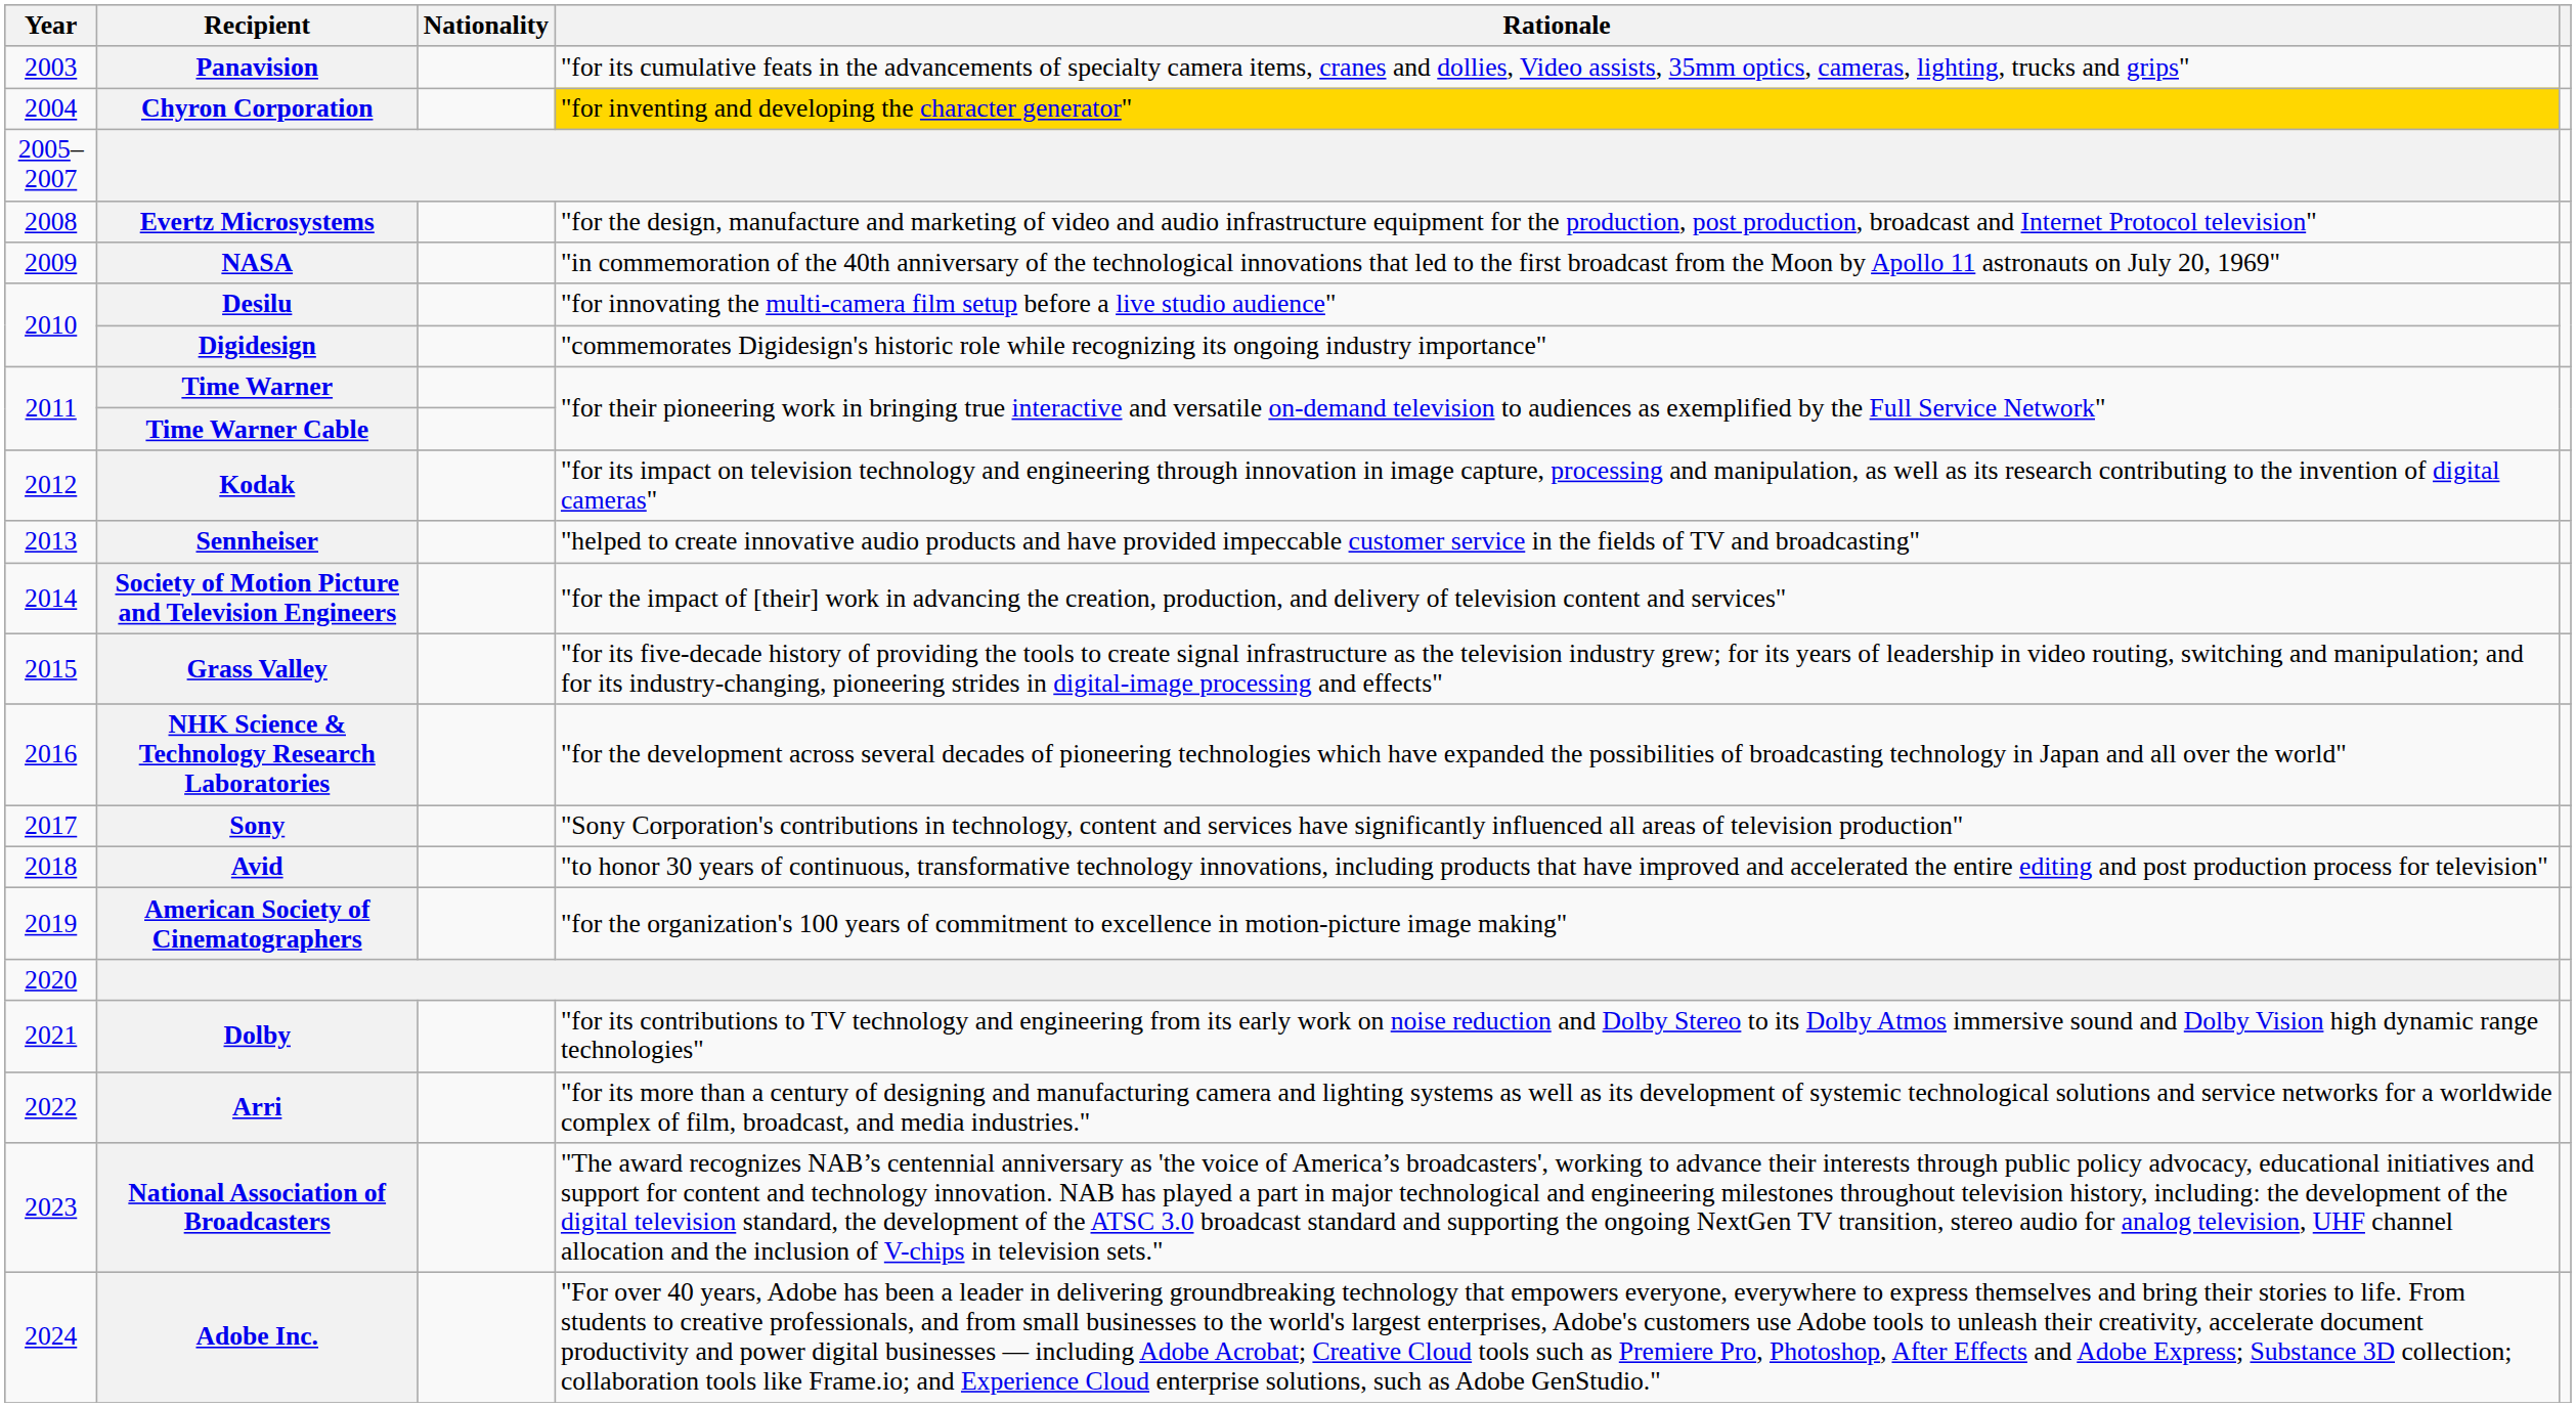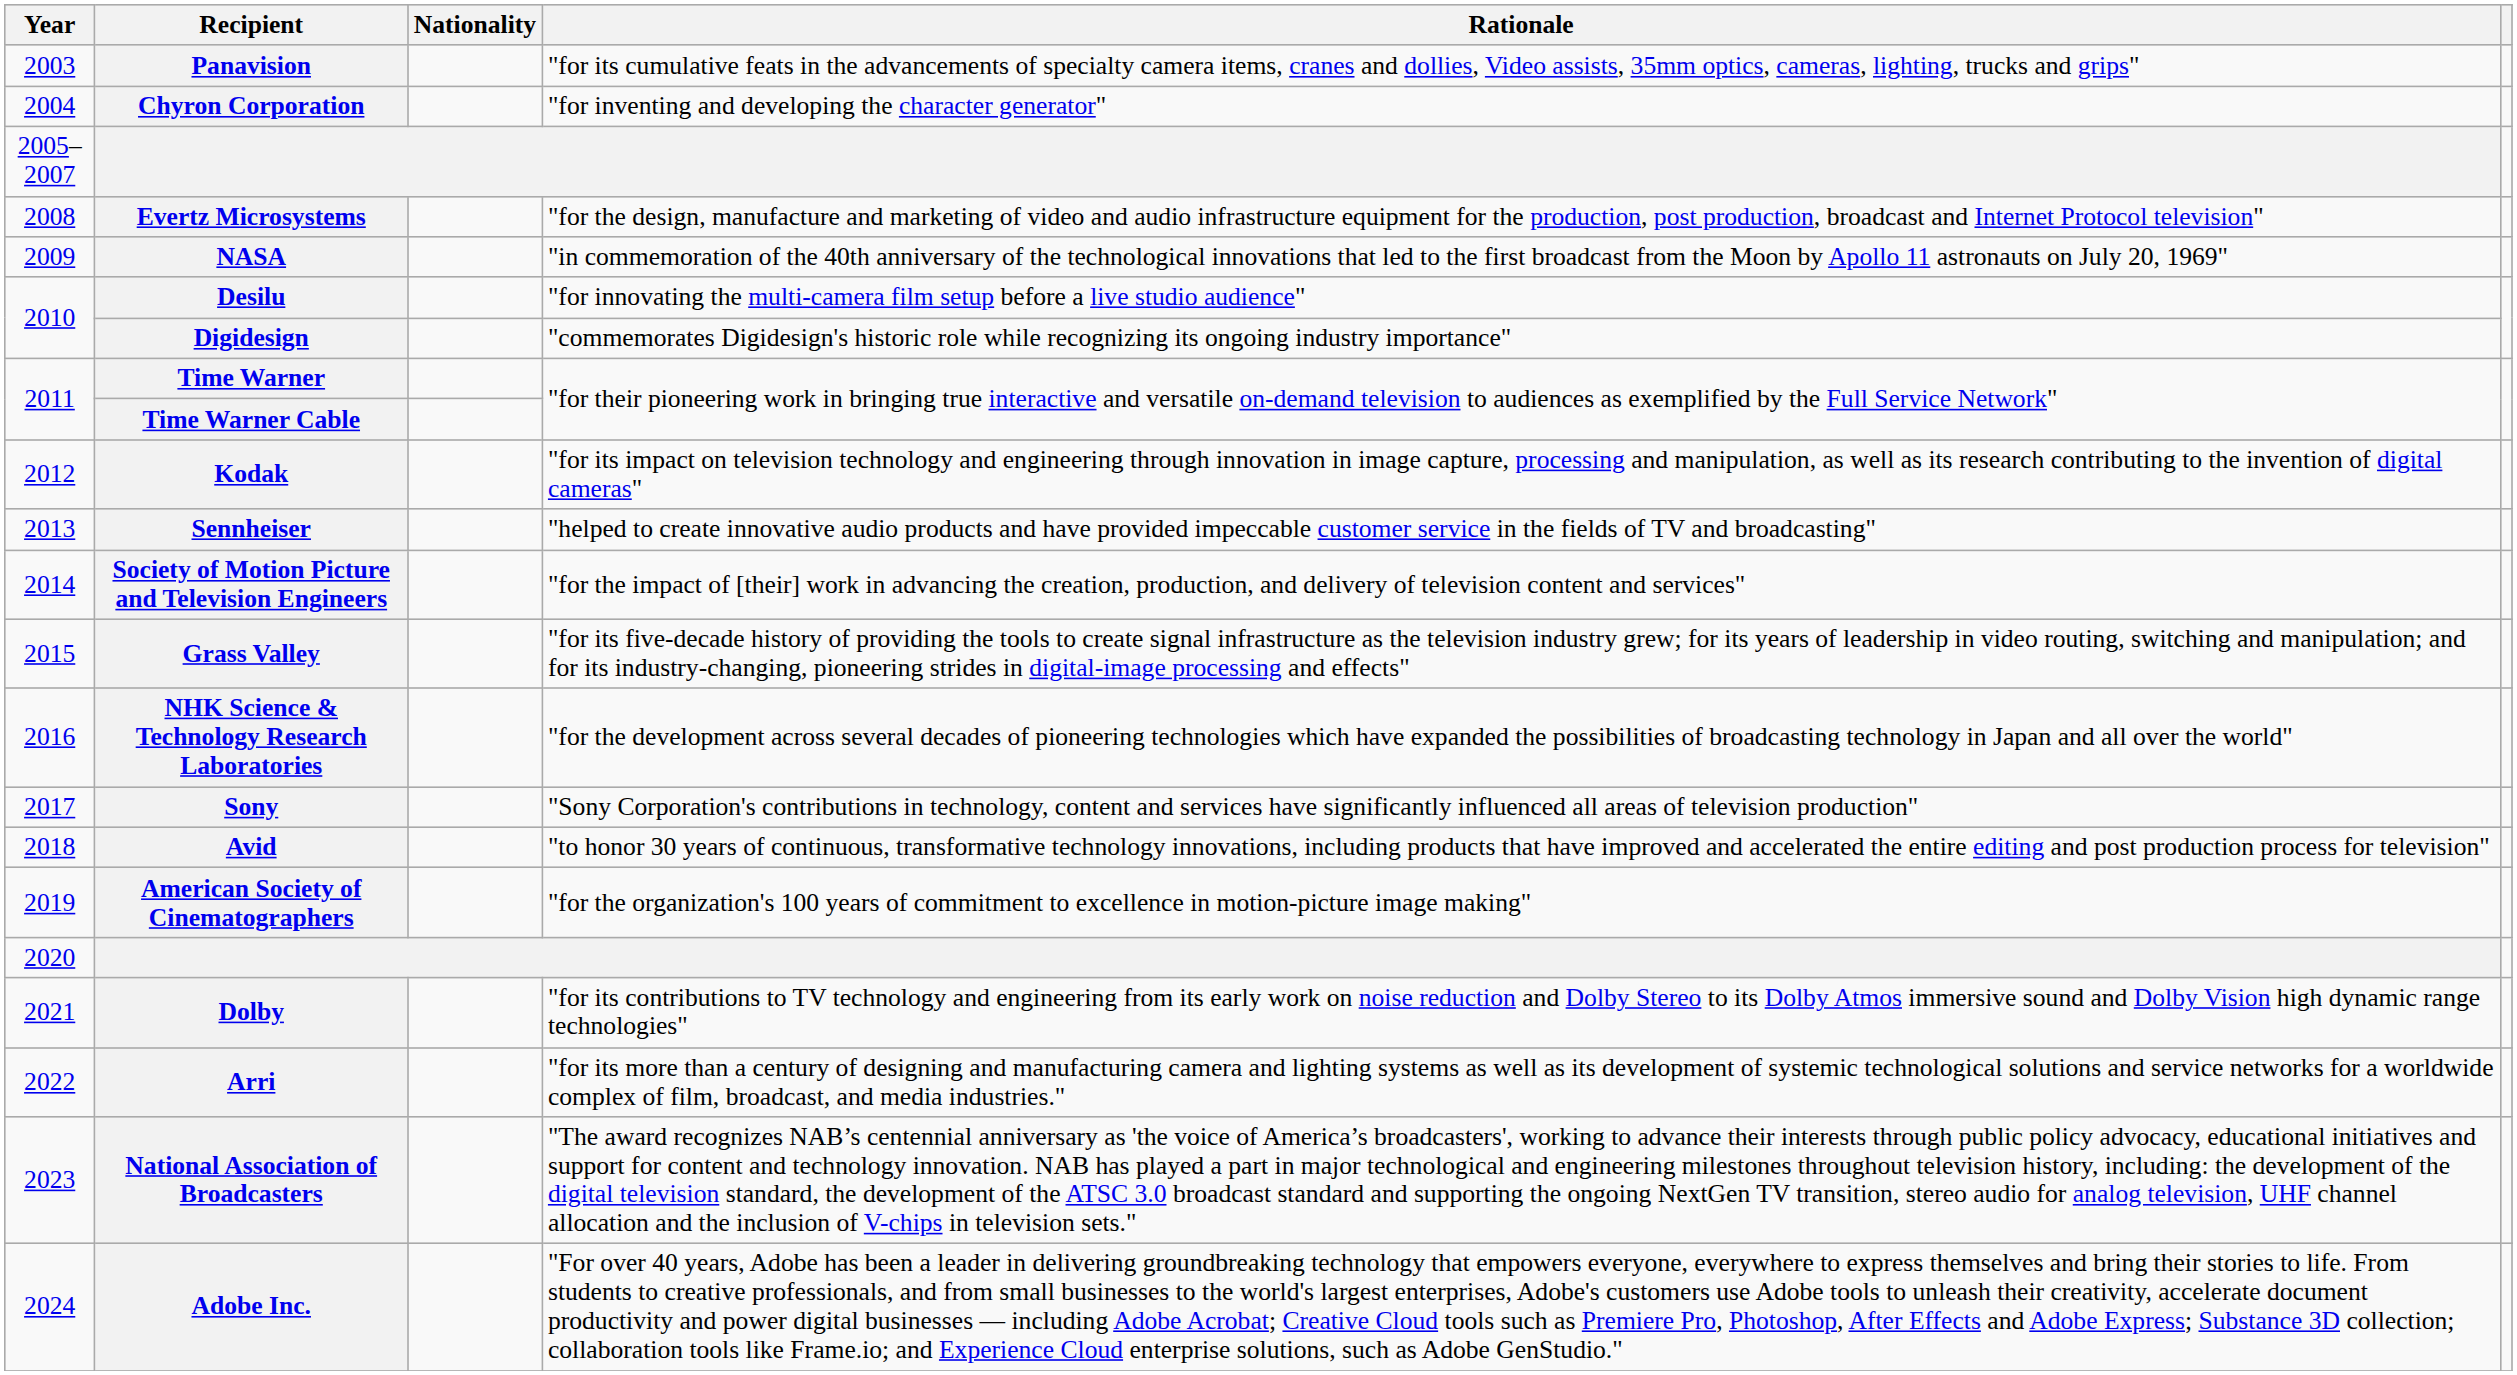 <table class="wikitable plainrowheaders sortable">
 <tr>
 <th scope="col">Year</th>
 <th scope="col">Recipient</th>
 <th scope="col">Nationality</th>
 <th scope="col">Rationale</th>
 <th scope="col" class="unsortable"></th>
 </tr>
 <tr>
 <td style="text-align:center;"><a href='#'>2003</a></td>
 <th scope="row"><a href='#'>Panavision</a></th>
 <td></td>
 <td style="text-align:left;">"for its cumulative feats in the advancements of specialty camera items, <a href='#'>cranes</a> and <a href='#'>dollies</a>, <a href='#'>Video assists</a>, <a href='#'>35mm optics</a>, <a href='#'>cameras</a>, <a href='#'>lighting</a>, trucks and <a href='#'>grips</a>"</td>
 <td style="text-align:center;"></td>
 </tr>
 <tr>
 <td style="text-align:center;"><a href='#'>2004</a></td>
 <th scope="row"><a href='#'>Chyron Corporation</a></th>
 <td></td>
-<td style="background: gold; text-align:left;">"for inventing and developing the <a href='#'>character generator</a>"</td>
+<td style="text-align:left;">"for inventing and developing the <a href='#'>character generator</a>"</td>
 <td style="text-align:center;"></td>
 </tr>
 <tr class="sortbottom">
 <td style="text-align:center;"><a href='#'>2005</a>–<a href='#'>2007</a></td>
 <th scope=row colspan=3> </th>
 <td style="text-align:center;"></td>
 </tr>
 <tr>
 <td style="text-align:center;"><a href='#'>2008</a></td>
 <th scope="row"><a href='#'>Evertz Microsystems</a></th>
 <td></td>
 <td style="text-align:left;">"for the design, manufacture and marketing of video and audio infrastructure equipment for the <a href='#'>production</a>, <a href='#'>post production</a>, broadcast and <a href='#'>Internet Protocol television</a>"</td>
 <td style="text-align:center;"></td>
 </tr>
 <tr>
 <td style="text-align:center;"><a href='#'>2009</a></td>
 <th scope="row"><a href='#'>NASA</a></th>
 <td></td>
 <td style="text-align:left;">"in commemoration of the 40th anniversary of the technological innovations that led to the first broadcast from the Moon by <a href='#'>Apollo 11</a> astronauts on July 20, 1969"</td>
 <td style="text-align:center;"></td>
 </tr>
 <tr>
 <td style="text-align:center;" rowspan="2"><a href='#'>2010</a></td>
 <th scope="row"><a href='#'>Desilu</a></th>
 <td></td>
 <td style="text-align:left;">"for innovating the <a href='#'>multi-camera film setup</a> before a <a href='#'>live studio audience</a>"</td>
 <td rowspan="2" style="text-align:center;"></td>
 </tr>
 <tr>
 <th scope="row"><a href='#'>Digidesign</a></th>
 <td></td>
 <td>"commemorates Digidesign's historic role while recognizing its ongoing industry importance"</td>
 </tr>
 <tr>
 <td style="text-align:center;" rowspan="2"><a href='#'>2011</a></td>
 <th scope="row"><a href='#'>Time Warner</a></th>
 <td></td>
 <td rowspan="2" style="text-align:left;">"for their pioneering work in bringing true <a href='#'>interactive</a> and versatile <a href='#'>on-demand television</a> to audiences as exemplified by the <a href='#'>Full Service Network</a>"</td>
 <td rowspan="2" style="text-align:center;"></td>
 </tr>
 <tr>
 <th scope="row"><a href='#'>Time Warner Cable</a></th>
 <td></td>
 </tr>
 <tr>
 <td style="text-align:center;"><a href='#'>2012</a></td>
 <th scope="row"><a href='#'>Kodak</a></th>
 <td></td>
 <td style="text-align:left;">"for its impact on television technology and engineering through innovation in image capture, <a href='#'>processing</a> and manipulation, as well as its research contributing to the invention of <a href='#'>digital cameras</a>"</td>
 <td style="text-align:center;"></td>
 </tr>
 <tr>
 <td style="text-align:center;"><a href='#'>2013</a></td>
 <th scope="row"><a href='#'>Sennheiser</a></th>
 <td></td>
 <td style="text-align:left;">"helped to create innovative audio products and have provided impeccable <a href='#'>customer service</a> in the fields of TV and broadcasting"</td>
 <td style="text-align:center;"></td>
 </tr>
 <tr>
 <td style="text-align:center;"><a href='#'>2014</a></td>
 <th scope="row"><a href='#'>Society of Motion Picture and Television Engineers</a></th>
 <td></td>
 <td style="text-align:left;">"for the impact of [their] work in advancing the creation, production, and delivery of television content and services"</td>
 <td style="text-align:center;"></td>
 </tr>
 <tr>
 <td style="text-align:center;"><a href='#'>2015</a></td>
 <th scope="row"><a href='#'>Grass Valley</a></th>
 <td></td>
 <td style="text-align:left;">"for its five-decade history of providing the tools to create signal infrastructure as the television industry grew; for its years of leadership in video routing, switching and manipulation; and for its industry-changing, pioneering strides in <a href='#'>digital-image processing</a> and effects"</td>
 <td style="text-align:center;"></td>
 </tr>
 <tr>
 <td style="text-align:center;"><a href='#'>2016</a></td>
 <th scope="row"><a href='#'>NHK Science & Technology Research Laboratories</a></th>
 <td></td>
 <td style="text-align:left;">"for the development across several decades of pioneering technologies which have expanded the possibilities of broadcasting technology in Japan and all over the world"</td>
 <td style="text-align:center;"></td>
 </tr>
 <tr>
 <td style="text-align:center;"><a href='#'>2017</a></td>
 <th scope="row"><a href='#'>Sony</a></th>
 <td></td>
 <td style="text-align:left;">"Sony Corporation's contributions in technology, content and services have significantly influenced all areas of television production"</td>
 <td style="text-align:center;"></td>
 </tr>
 <tr>
 <td style="text-align:center;"><a href='#'>2018</a></td>
 <th scope="row"><a href='#'>Avid</a></th>
 <td></td>
 <td style="text-align:left;">"to honor 30 years of continuous, transformative technology innovations, including products that have improved and accelerated the entire <a href='#'>editing</a> and post production process for television"</td>
 <td style="text-align:center;"></td>
 </tr>
 <tr>
 <td style="text-align:center;"><a href='#'>2019</a></td>
 <th scope="row"><a href='#'>American Society of Cinematographers</a></th>
 <td></td>
 <td style="text-align:left;">"for the organization's 100 years of commitment to excellence in motion-picture image making"</td>
 <td style="text-align:center;"></td>
 </tr>
 <tr class="sortbottom">
 <td style="text-align:center;"><a href='#'>2020</a></td>
 <th scope=row colspan=3> </th>
 <td style="text-align:center;"></td>
 </tr>
 <tr>
 <td style="text-align:center;"><a href='#'>2021</a></td>
 <th scope="row"><a href='#'>Dolby</a></th>
 <td></td>
 <td style="text-align:left;">"for its contributions to TV technology and engineering from its early work on <a href='#'>noise reduction</a> and <a href='#'>Dolby Stereo</a> to its <a href='#'>Dolby Atmos</a> immersive sound and <a href='#'>Dolby Vision</a> high dynamic range technologies"</td>
 <td style="text-align:center;"></td>
 </tr>
 <tr>
 <td style="text-align:center;"><a href='#'>2022</a></td>
 <th scope="row"><a href='#'>Arri</a></th>
 <td></td>
 <td style="text-align:left;">"for its more than a century of designing and manufacturing camera and lighting systems as well as its development of systemic technological solutions and service networks for a worldwide complex of film, broadcast, and media industries."</td>
 <td style="text-align:center;"></td>
 </tr>
 <tr>
 <td style="text-align:center;"><a href='#'>2023</a></td>
 <th scope="row"><a href='#'>National Association of Broadcasters</a></th>
 <td></td>
 <td style="text-align:left;">"The award recognizes NAB’s centennial anniversary as 'the voice of America’s broadcasters', working to advance their interests through public policy advocacy, educational initiatives and support for content and technology innovation. NAB has played a part in major technological and engineering milestones throughout television history, including: the development of the <a href='#'>digital television</a> standard, the development of the <a href='#'>ATSC 3.0</a> broadcast standard and supporting the ongoing NextGen TV transition, stereo audio for <a href='#'>analog television</a>, <a href='#'>UHF</a> channel allocation and the inclusion of <a href='#'>V-chips</a> in television sets."</td>
 <td style="text-align:center;"></td>
 </tr>
 <tr>
 <td style="text-align:center;"><a href='#'>2024</a></td>
 <th scope="row"><a href='#'>Adobe Inc.</a></th>
 <td></td>
 <td style="text-align:left;">"For over 40 years, Adobe has been a leader in delivering groundbreaking technology that empowers everyone, everywhere to express themselves and bring their stories to life. From students to creative professionals, and from small businesses to the world's largest enterprises, Adobe's customers use Adobe tools to unleash their creativity, accelerate document productivity and power digital businesses — including <a href='#'>Adobe Acrobat</a>; <a href='#'>Creative Cloud</a> tools such as <a href='#'>Premiere Pro</a>, <a href='#'>Photoshop</a>, <a href='#'>After Effects</a> and <a href='#'>Adobe Express</a>; <a href='#'>Substance 3D</a> collection; collaboration tools like Frame.io; and <a href='#'>Experience Cloud</a> enterprise solutions, such as Adobe GenStudio."</td>
 <td style="text-align:center;"></td>
 </tr>
 <tr>
 </tr>
 </table>
